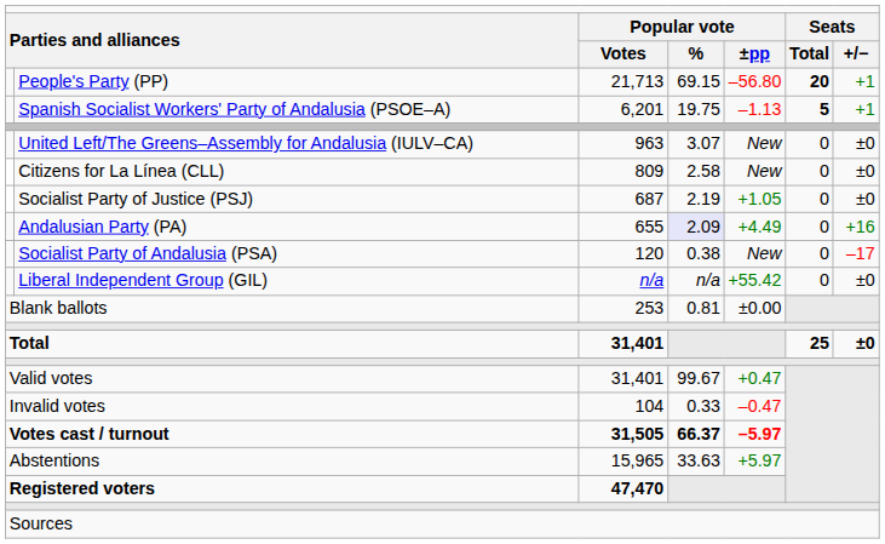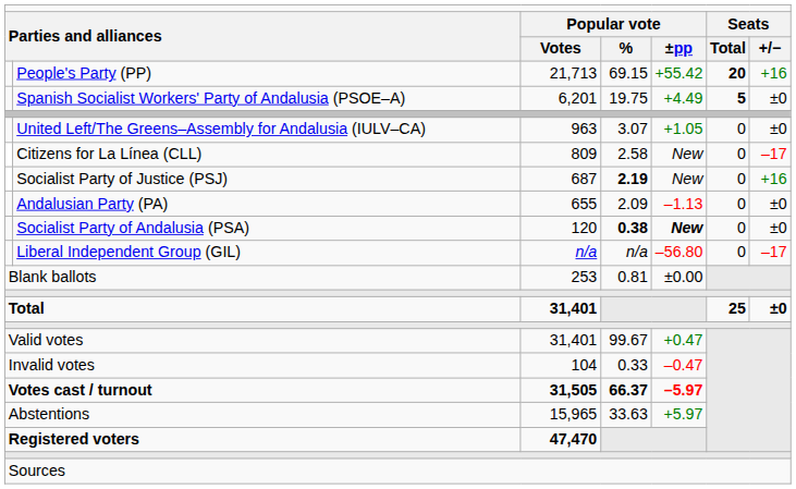 <table class="wikitable" style="text-align:right;">
 <tr>
 <td colspan="7"></td>
 </tr>
 <tr>
 <th style="text-align:left;" rowspan="2" colspan="2" width="525">Parties and alliances</th>
 <th colspan="3">Popular vote</th>
 <th colspan="2">Seats</th>
 </tr>
 <tr>
 <th width="75">Votes</th>
 <th width="45">%</th>
 <th width="45">±<a href='#'>pp</a></th>
 <th width="35">Total</th>
 <th width="35">+/−</th>
 </tr>
 <tr>
 <td width="1" style="color:inherit;background:"></td>
 <td align="left"><a href='#'>People's Party</a> (PP)</td>
 <td>21,713</td>
 <td>69.15</td>
-<td style="color:red;">–56.80</td>
+<td style="color:green;">+55.42</td>
 <td><strong>20</strong></td>
-<td style="color:green;">+1</td>
+<td style="color:green;">+16</td>
 </tr>
 <tr>
 <td style="color:inherit;background:"></td>
 <td align="left"><a href='#'>Spanish Socialist Workers' Party of Andalusia</a> (PSOE–A)</td>
 <td>6,201</td>
 <td>19.75</td>
-<td style="color:red;">–1.13</td>
+<td style="color:green;">+4.49</td>
 <td><strong>5</strong></td>
-<td style="color:green;">+1</td>
+<td>±0</td>
 </tr>
 <tr>
 <td colspan="7" bgcolor="#C0C0C0"></td>
 </tr>
 <tr>
 <td style="color:inherit;background:"></td>
 <td align="left"><a href='#'>United Left/The Greens–Assembly for Andalusia</a> (IULV–CA)</td>
 <td>963</td>
 <td>3.07</td>
-<td><em>New</em></td>
+<td style="color:green;">+1.05</td>
 <td>0</td>
 <td>±0</td>
 </tr>
 <tr>
 <td bgcolor="white"></td>
 <td align="left">Citizens for La Línea (CLL)</td>
 <td>809</td>
 <td>2.58</td>
 <td><em>New</em></td>
 <td>0</td>
-<td>±0</td>
+<td style="color:red;">–17</td>
 </tr>
 <tr>
 <td bgcolor="white"></td>
 <td align="left">Socialist Party of Justice (PSJ)</td>
 <td>687</td>
-<td>2.19</td>
-<td style="color:green;">+1.05</td>
+<td><strong>2.19</strong></td>
+<td><em>New</em></td>
+<td>0</td>
+<td style="color:green;">+16</td>
+</tr>
+<tr>
+<td style="color:inherit;background:"></td>
+<td align="left"><a href='#'>Andalusian Party</a> (PA)</td>
+<td>655</td>
+<td>2.09</td>
+<td style="color:red;">–1.13</td>
 <td>0</td>
 <td>±0</td>
 </tr>
 <tr>
 <td style="color:inherit;background:"></td>
-<td align="left"><a href='#'>Andalusian Party</a> (PA)</td>
-<td>655</td>
-<td style="background: lavender;">2.09</td>
-<td style="color:green;">+4.49</td>
-<td>0</td>
-<td style="color:green;">+16</td>
-</tr>
-<tr>
-<td style="color:inherit;background:"></td>
 <td align="left"><a href='#'>Socialist Party of Andalusia</a> (PSA)</td>
 <td>120</td>
-<td>0.38</td>
-<td><em>New</em></td>
+<td><strong>0.38</strong></td>
+<td><strong><em>New</em></strong></td>
 <td>0</td>
-<td style="color:red;">–17</td>
+<td>±0</td>
 </tr>
 <tr>
 <td style="color:inherit;background:"></td>
 <td align="left"><a href='#'>Liberal Independent Group</a> (GIL)</td>
 <td><em><a href='#'>n/a</a></em></td>
 <td><em>n/a</em></td>
-<td style="color:green;">+55.42</td>
+<td style="color:red;">–56.80</td>
 <td>0</td>
-<td>±0</td>
+<td style="color:red;">–17</td>
 </tr>
 <tr>
 <td align="left" colspan="2">Blank ballots</td>
 <td>253</td>
 <td>0.81</td>
 <td>±0.00</td>
 <td bgcolor="#E9E9E9" colspan="2"></td>
 </tr>
 <tr>
 <td colspan="7" bgcolor="#E9E9E9"></td>
 </tr>
 <tr style="font-weight:bold;">
 <td align="left" colspan="2">Total</td>
 <td>31,401</td>
 <td bgcolor="#E9E9E9" colspan="2"></td>
 <td>25</td>
 <td>±0</td>
 </tr>
 <tr>
 <td colspan="7" bgcolor="#E9E9E9"></td>
 </tr>
 <tr>
 <td align="left" colspan="2">Valid votes</td>
 <td>31,401</td>
 <td>99.67</td>
 <td style="color:green;">+0.47</td>
 <td bgcolor="#E9E9E9" colspan="2" rowspan="5"></td>
 </tr>
 <tr>
 <td align="left" colspan="2">Invalid votes</td>
 <td>104</td>
 <td>0.33</td>
 <td style="color:red;">–0.47</td>
 </tr>
 <tr style="font-weight:bold;">
 <td align="left" colspan="2">Votes cast / turnout</td>
 <td>31,505</td>
 <td>66.37</td>
 <td style="color:red;">–5.97</td>
 </tr>
 <tr>
 <td align="left" colspan="2">Abstentions</td>
 <td>15,965</td>
 <td>33.63</td>
 <td style="color:green;">+5.97</td>
 </tr>
 <tr style="font-weight:bold;">
 <td align="left" colspan="2">Registered voters</td>
 <td>47,470</td>
 <td bgcolor="#E9E9E9" colspan="2"></td>
 </tr>
 <tr>
 <td colspan="7" bgcolor="#E9E9E9"></td>
 </tr>
 <tr>
 <td align="left" colspan="7">Sources</td>
 </tr>
 </table>
